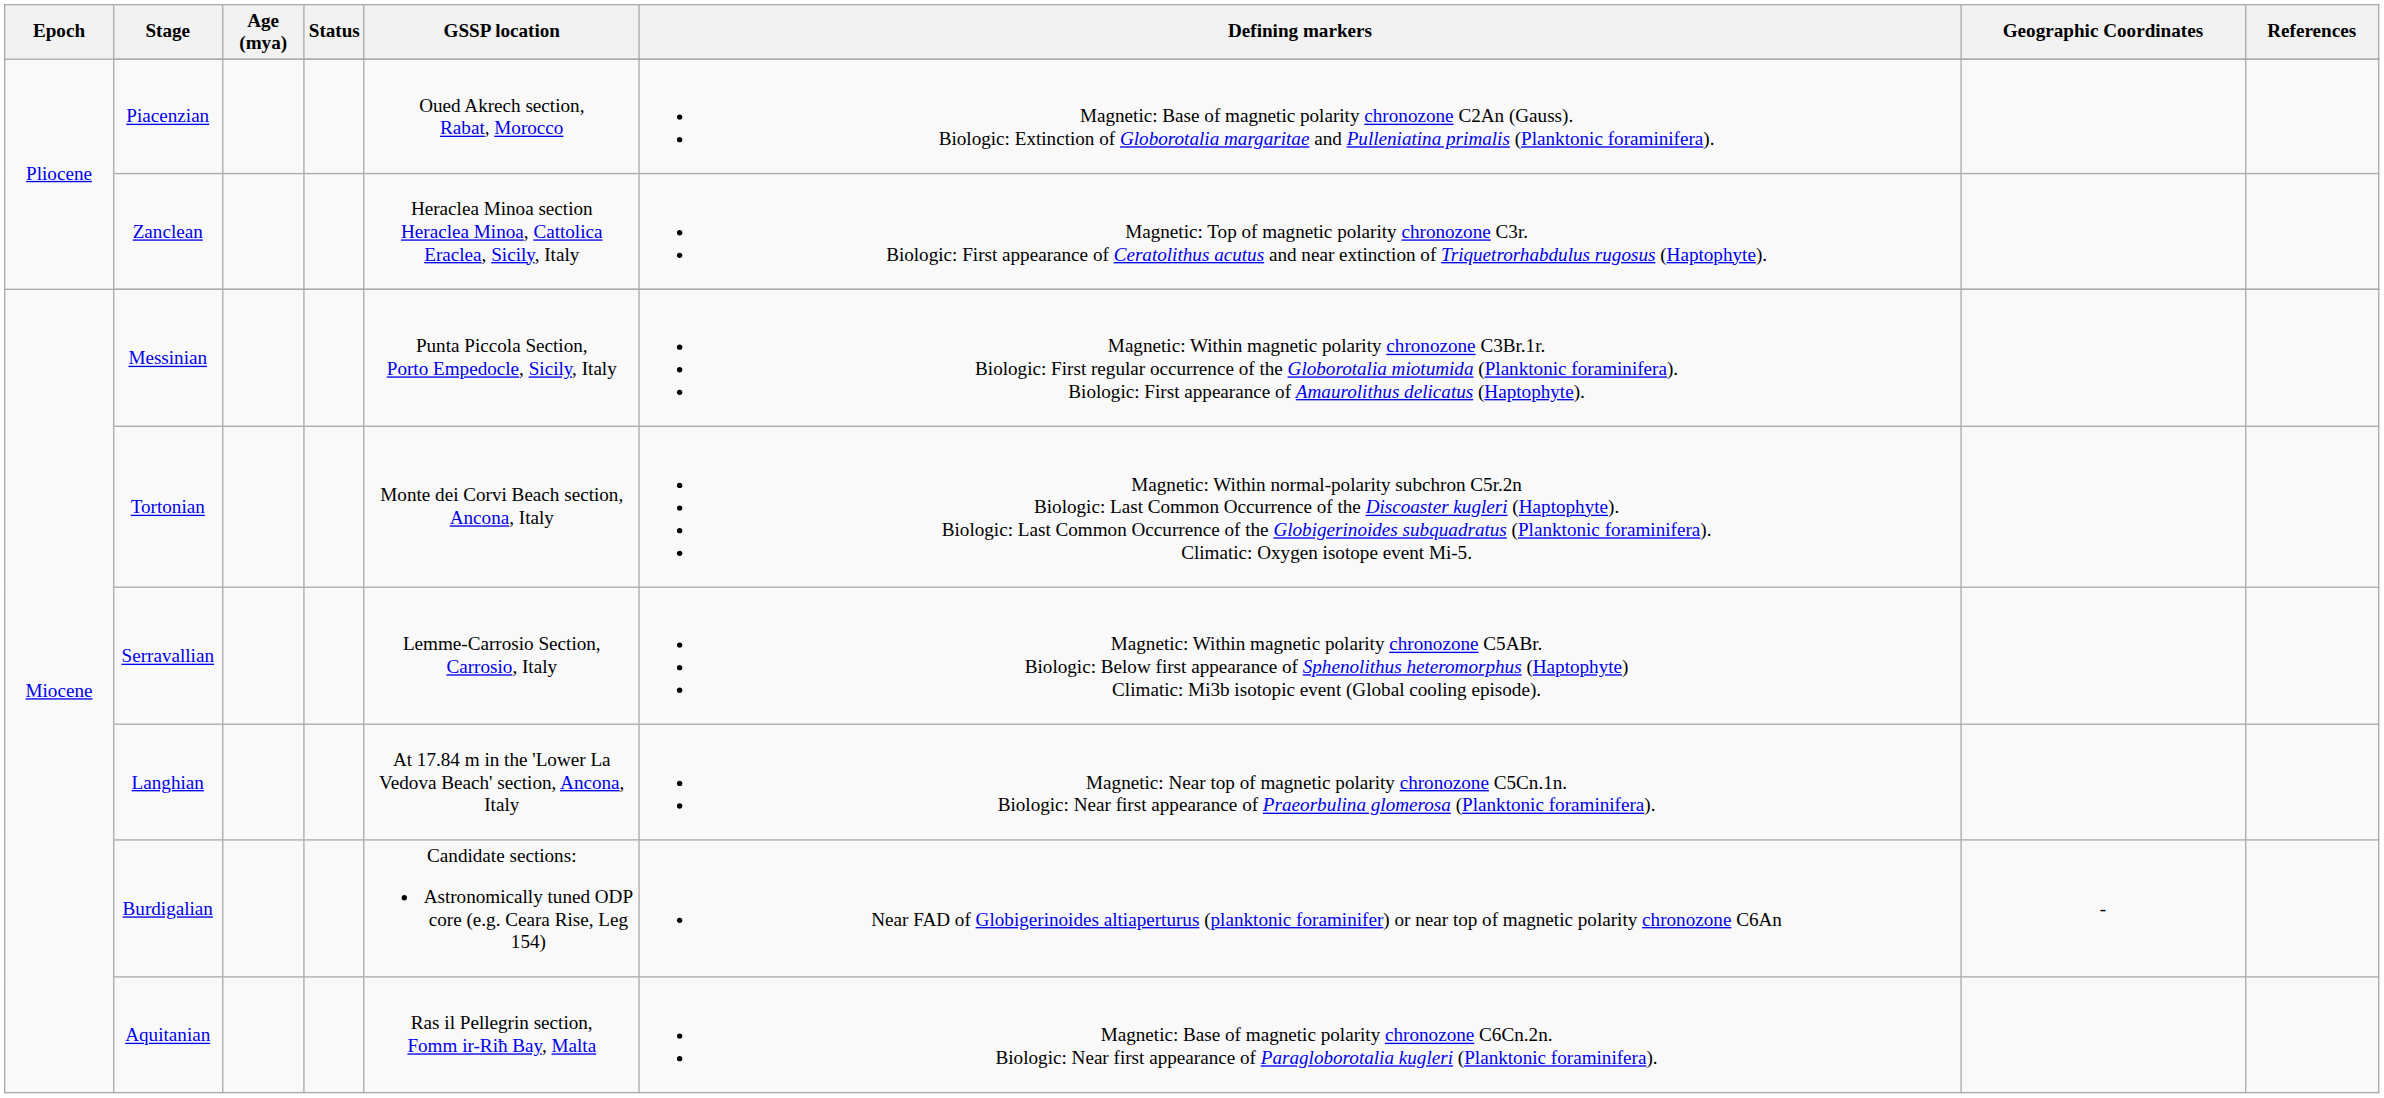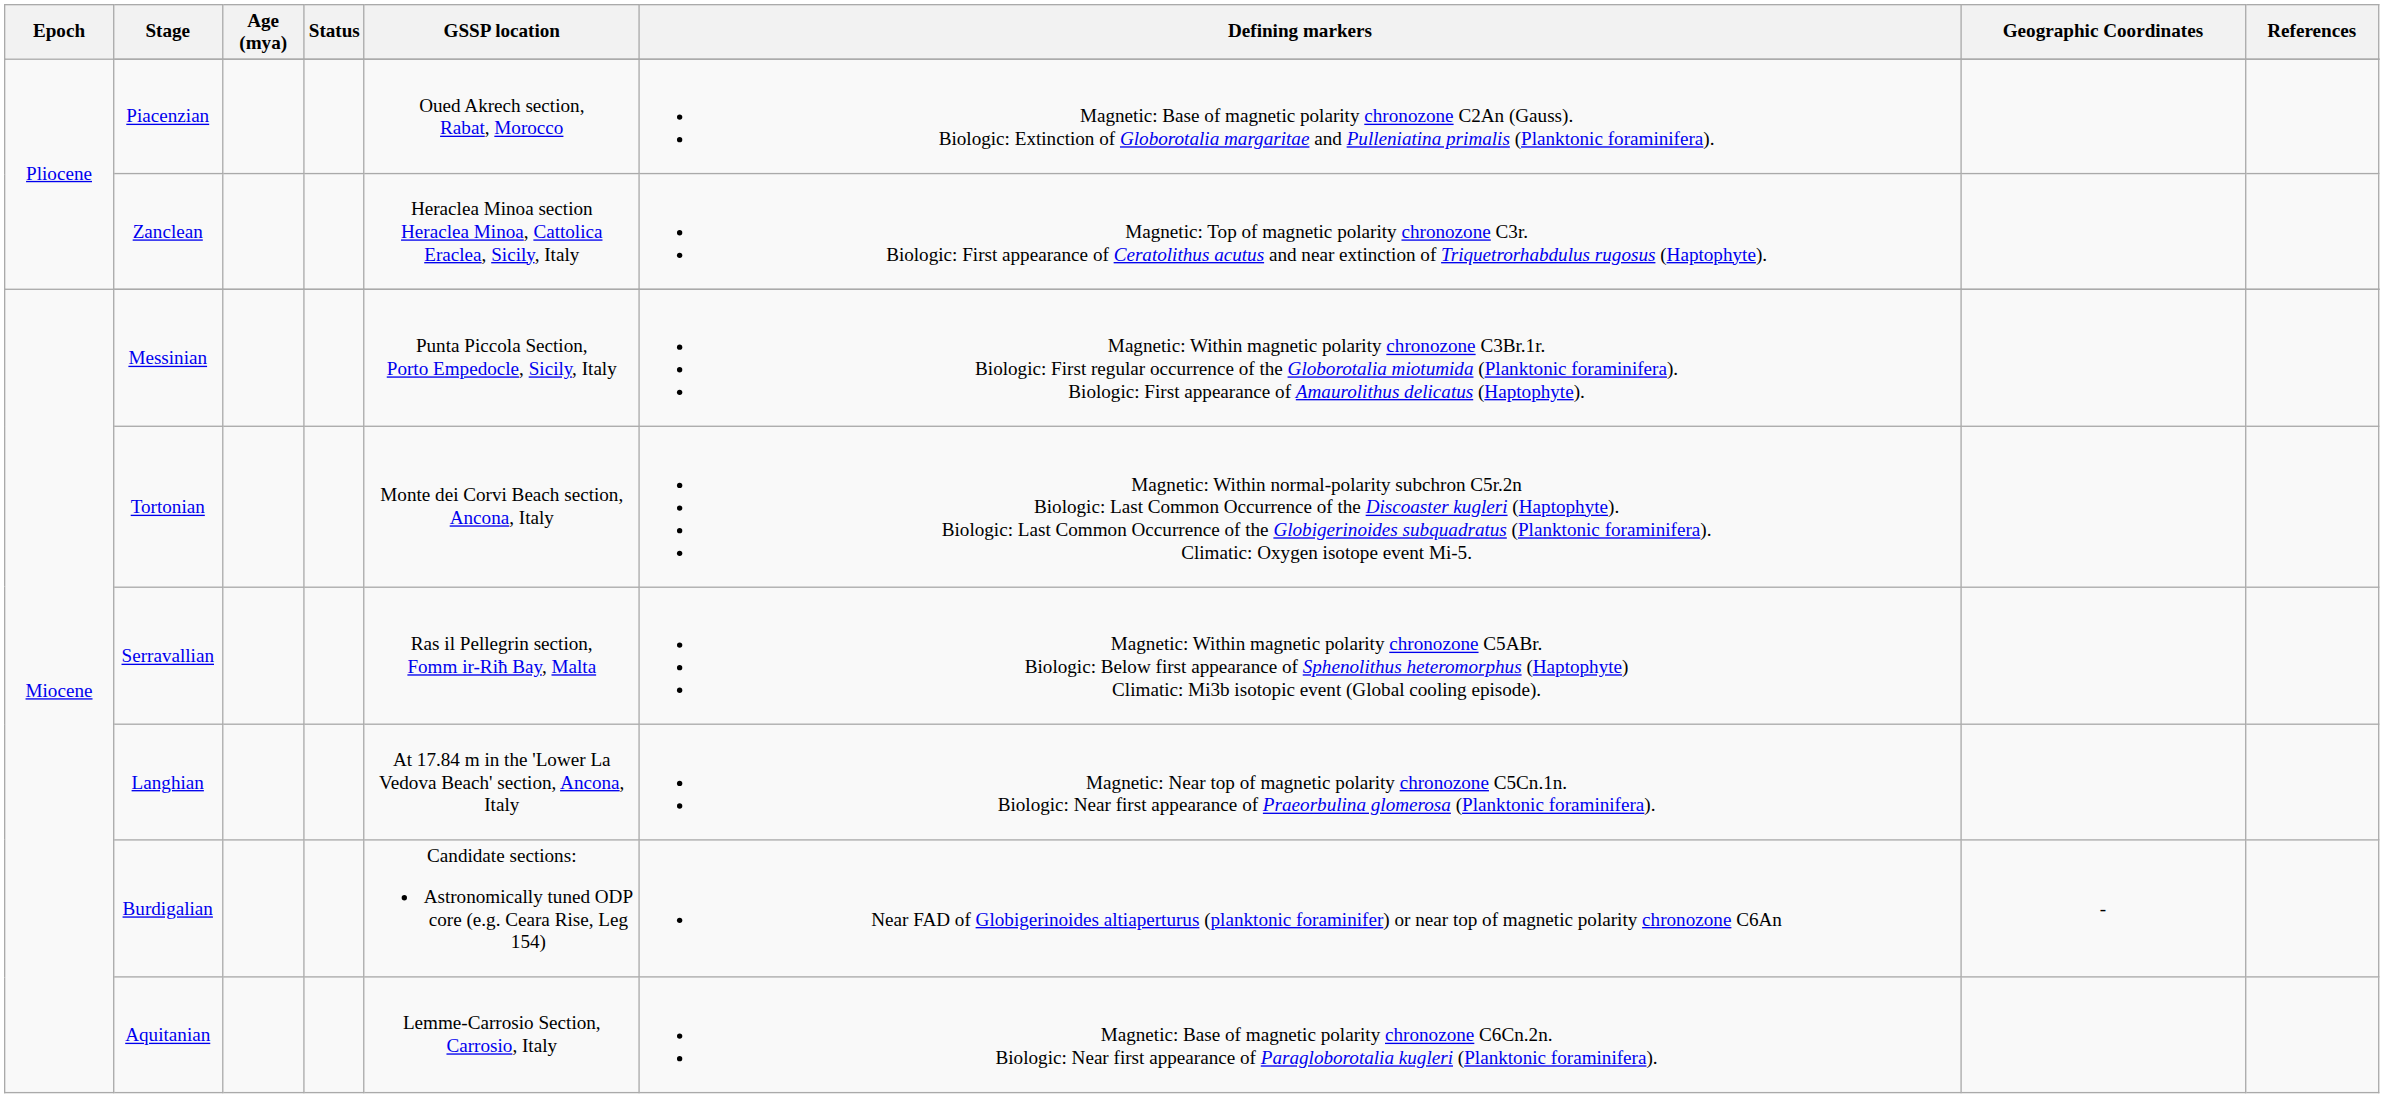 <table class="wikitable"  style="font-size:90%; width:90%; text-align:center;">
 <tr>
 <th style="width:75px;">Epoch</th>
 <th style="width:75px;">Stage</th>
 <th style="width:55px;">Age (mya)</th>
 <th style="width:15px;">Status</th>
 <th style="width:200px;">GSSP location</th>
 <th width="">Defining markers</th>
 <th width="">Geographic Coordinates</th>
 <th width="">References</th>
 </tr>
 <tr style="background:">
 <td rowspan="3"><a href='#'>Pliocene</a></td>
 </tr>
 <tr style="background:">
 <td><a href='#'>Piacenzian</a></td>
 <td></td>
 <td></td>
 <td>Oued Akrech section,<br><a href='#'>Rabat</a>, <a href='#'>Morocco</a></td>
 <td><br><ul><li>Magnetic: Base of magnetic polarity <a href='#'>chronozone</a> C2An (Gauss).</li><li>Biologic: Extinction of <em><a href='#'>Globorotalia margaritae</a></em> and <em><a href='#'>Pulleniatina primalis</a></em> (<a href='#'>Planktonic foraminifera</a>).</li></ul></td>
 <td></td>
 <td></td>
 </tr>
 <tr style="background:">
 <td><a href='#'>Zanclean</a></td>
 <td></td>
 <td></td>
 <td>Heraclea Minoa section<br><a href='#'>Heraclea Minoa</a>, <a href='#'>Cattolica Eraclea</a>, <a href='#'>Sicily</a>, Italy</td>
 <td><br><ul><li>Magnetic: Top of magnetic polarity <a href='#'>chronozone</a> C3r.</li><li>Biologic: First appearance of <em><a href='#'>Ceratolithus acutus</a></em> and near extinction of <em><a href='#'>Triquetrorhabdulus rugosus</a></em> (<a href='#'>Haptophyte</a>).</li></ul></td>
 <td></td>
 <td></td>
 </tr>
 <tr style="background:">
 <td rowspan="7"><a href='#'>Miocene</a></td>
 </tr>
 <tr style="background:">
 <td><a href='#'>Messinian</a></td>
 <td></td>
 <td></td>
 <td>Punta Piccola Section,<br><a href='#'>Porto Empedocle</a>, <a href='#'>Sicily</a>, Italy</td>
 <td><br><ul><li>Magnetic: Within magnetic polarity <a href='#'>chronozone</a> C3Br.1r.</li><li>Biologic: First regular occurrence of the <em><a href='#'>Globorotalia miotumida</a></em> (<a href='#'>Planktonic foraminifera</a>).</li><li>Biologic: First appearance of <em><a href='#'>Amaurolithus delicatus</a></em> (<a href='#'>Haptophyte</a>).</li></ul></td>
 <td></td>
 <td></td>
 </tr>
 <tr style="background:">
 <td><a href='#'>Tortonian</a></td>
 <td></td>
 <td></td>
 <td>Monte dei Corvi Beach section,<br><a href='#'>Ancona</a>, Italy</td>
 <td><br><ul><li>Magnetic: Within normal-polarity subchron C5r.2n</li><li>Biologic: Last Common Occurrence of the <em><a href='#'>Discoaster kugleri</a></em> (<a href='#'>Haptophyte</a>).</li><li>Biologic: Last Common Occurrence of the <em><a href='#'>Globigerinoides subquadratus</a></em> (<a href='#'>Planktonic foraminifera</a>).</li><li>Climatic: Oxygen isotope event Mi-5.</li></ul></td>
 <td></td>
 <td></td>
 </tr>
 <tr style="background:">
 <td><a href='#'>Serravallian</a></td>
 <td></td>
 <td></td>
-<td>Lemme-Carrosio Section,<br><a href='#'>Carrosio</a>, Italy</td>
+<td>Ras il Pellegrin section,<br><a href='#'>Fomm ir-Riħ Bay</a>, <a href='#'>Malta</a></td>
 <td><br><ul><li>Magnetic: Within magnetic polarity <a href='#'>chronozone</a> C5ABr.</li><li>Biologic: Below first appearance of <em><a href='#'>Sphenolithus heteromorphus</a></em> (<a href='#'>Haptophyte</a>)</li><li>Climatic: Mi3b isotopic event (Global cooling episode).</li></ul></td>
 <td></td>
 <td></td>
 </tr>
 <tr style="background:">
 <td><a href='#'>Langhian</a></td>
 <td></td>
 <td></td>
 <td>At 17.84 m in the 'Lower La Vedova Beach' section, <a href='#'>Ancona</a>, Italy</td>
 <td><br><ul><li>Magnetic: Near top of magnetic polarity <a href='#'>chronozone</a> C5Cn.1n.</li><li>Biologic: Near first appearance of <em><a href='#'>Praeorbulina glomerosa</a></em> (<a href='#'>Planktonic foraminifera</a>).</li></ul></td>
 <td></td>
 <td></td>
 </tr>
 <tr style="background:">
 <td><a href='#'>Burdigalian</a></td>
 <td></td>
 <td></td>
 <td>Candidate sections:<br><ul><li>Astronomically tuned ODP core (e.g. Ceara Rise, Leg 154)</li></ul></td>
 <td><br><ul><li>Near FAD of <a href='#'>Globigerinoides altiaperturus</a> (<a href='#'>planktonic foraminifer</a>) or near top of magnetic polarity <a href='#'>chronozone</a> C6An</li></ul></td>
 <td>-</td>
 <td></td>
 </tr>
 <tr style="background:">
 <td><a href='#'>Aquitanian</a></td>
 <td></td>
 <td></td>
-<td>Ras il Pellegrin section,<br><a href='#'>Fomm ir-Riħ Bay</a>, <a href='#'>Malta</a></td>
+<td>Lemme-Carrosio Section,<br><a href='#'>Carrosio</a>, Italy</td>
 <td><br><ul><li>Magnetic: Base of magnetic polarity <a href='#'>chronozone</a> C6Cn.2n.</li><li>Biologic: Near first appearance of <em><a href='#'>Paragloborotalia kugleri</a></em> (<a href='#'>Planktonic foraminifera</a>).</li></ul></td>
 <td></td>
 <td></td>
 </tr>
 </table>
